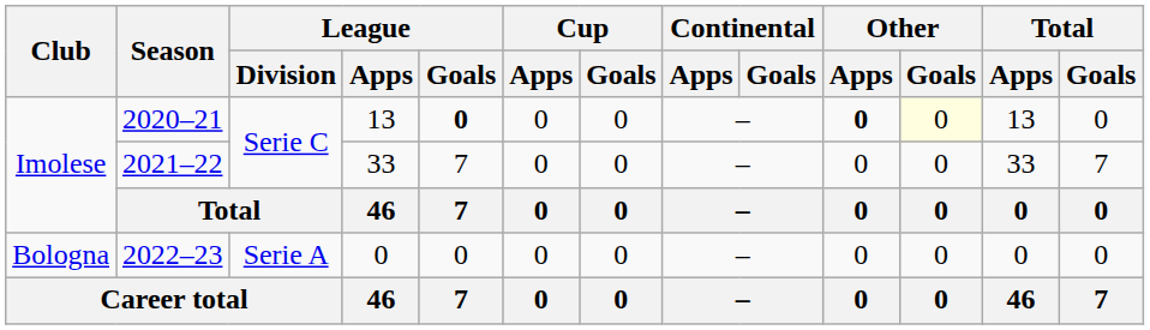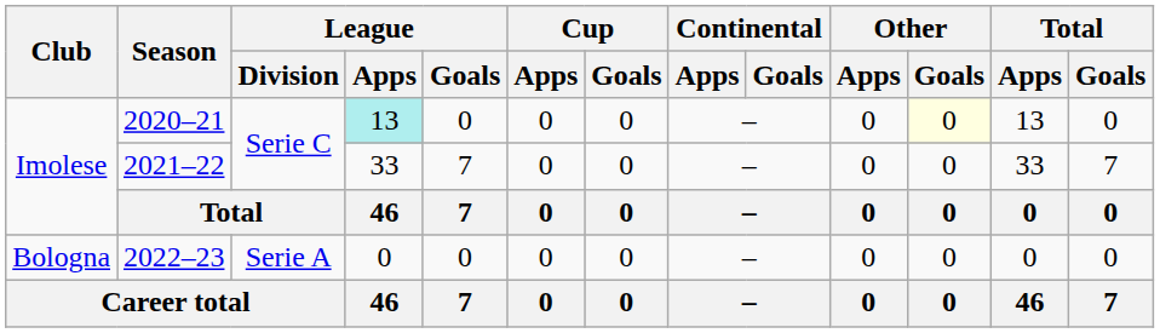 <table class="wikitable" style="text-align: center;">
 <tr>
 <th rowspan="2">Club</th>
 <th rowspan="2">Season</th>
 <th colspan="3">League</th>
 <th colspan="2">Cup</th>
 <th colspan="2">Continental</th>
 <th colspan="2">Other</th>
 <th colspan="2">Total</th>
 </tr>
 <tr>
 <th>Division</th>
 <th>Apps</th>
 <th>Goals</th>
 <th>Apps</th>
 <th>Goals</th>
 <th>Apps</th>
 <th>Goals</th>
 <th>Apps</th>
 <th>Goals</th>
 <th>Apps</th>
 <th>Goals</th>
 </tr>
 <tr>
 <td rowspan="3"><a href='#'>Imolese</a></td>
 <td><a href='#'>2020–21</a></td>
 <td rowspan="2"><a href='#'>Serie C</a></td>
-<td>13</td>
-<td><strong>0</strong></td>
+<td style="background: paleturquoise;">13</td>
+<td>0</td>
 <td>0</td>
 <td>0</td>
 <td colspan="2">–</td>
-<td><strong>0</strong></td>
+<td>0</td>
 <td style="background: lightyellow;">0</td>
 <td>13</td>
 <td>0</td>
 </tr>
 <tr>
 <td><a href='#'>2021–22</a></td>
 <td>33</td>
 <td>7</td>
 <td>0</td>
 <td>0</td>
 <td colspan="2">–</td>
 <td>0</td>
 <td>0</td>
 <td>33</td>
 <td>7</td>
 </tr>
 <tr>
 <th colspan="2">Total</th>
 <th>46</th>
 <th>7</th>
 <th>0</th>
 <th>0</th>
 <th colspan="2">–</th>
 <th>0</th>
 <th>0</th>
 <th>0</th>
 <th>0</th>
 </tr>
 <tr>
 <td><a href='#'>Bologna</a></td>
 <td><a href='#'>2022–23</a></td>
 <td><a href='#'>Serie A</a></td>
 <td>0</td>
 <td>0</td>
 <td>0</td>
 <td>0</td>
 <td colspan="2">–</td>
 <td>0</td>
 <td>0</td>
 <td>0</td>
 <td>0</td>
 </tr>
 <tr>
 <th colspan="3">Career total</th>
 <th>46</th>
 <th>7</th>
 <th>0</th>
 <th>0</th>
 <th colspan="2">–</th>
 <th>0</th>
 <th>0</th>
 <th>46</th>
 <th>7</th>
 </tr>
 </table>
